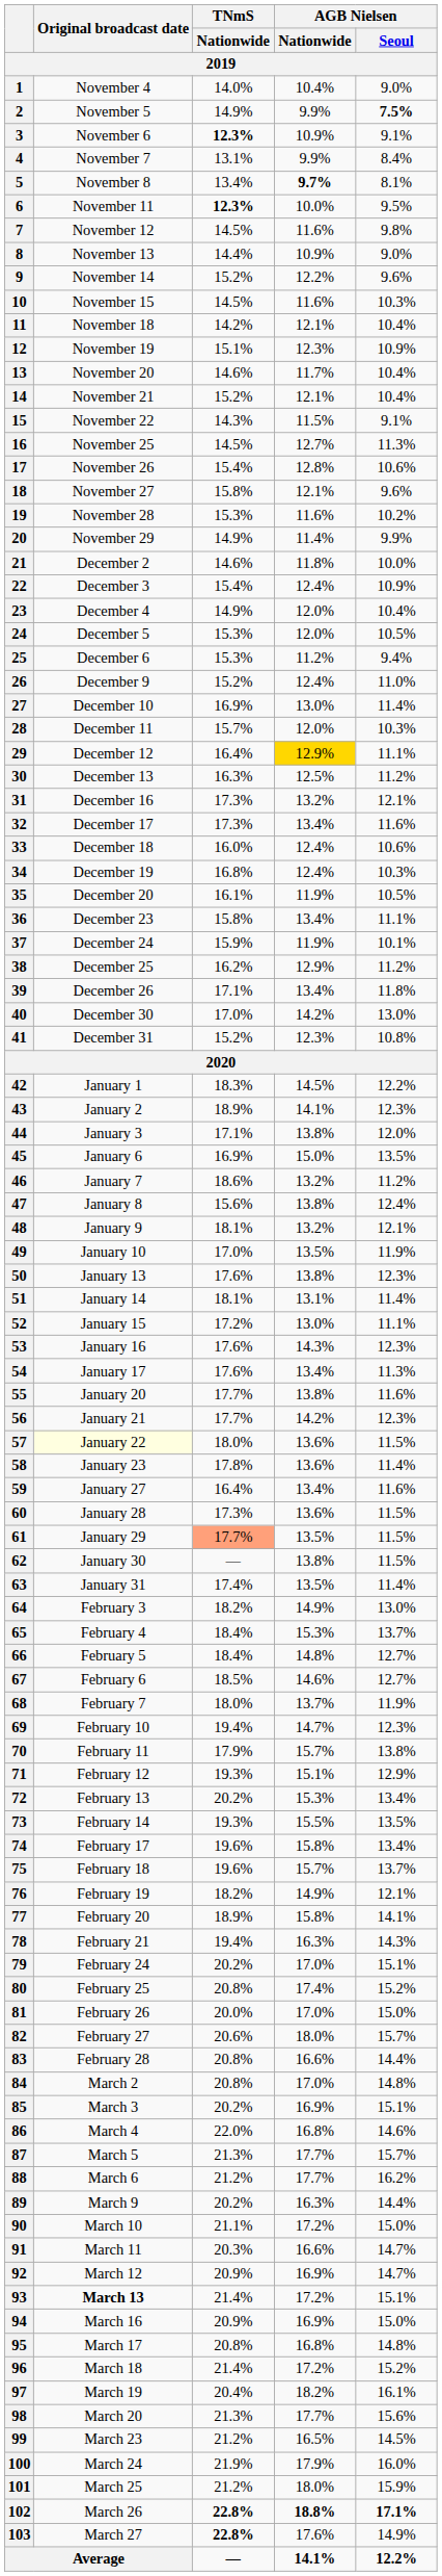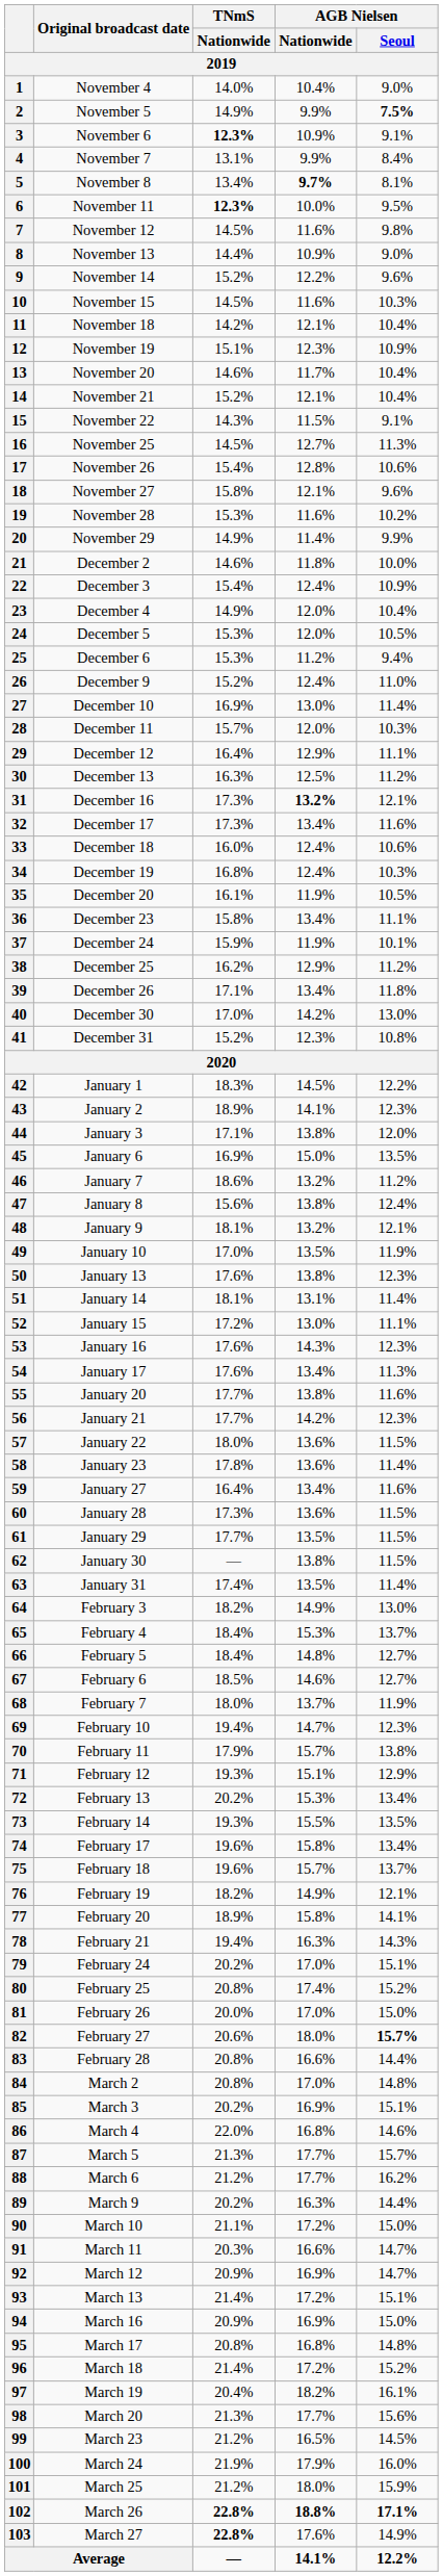 <table class="wikitable" style="text-align: center;">
 <tr>
 <th rowspan="2"></th>
 <th rowspan="2">Original broadcast date</th>
 <th>TNmS</th>
 <th colspan="2">AGB Nielsen</th>
 </tr>
 <tr>
 <th width="80">Nationwide</th>
 <th width="80">Nationwide</th>
 <th width="80"><a href='#'>Seoul</a></th>
 </tr>
 <tr>
 <th colspan="5">2019</th>
 </tr>
 <tr>
 <th>1</th>
 <td>November 4</td>
 <td>14.0%</td>
 <td>10.4%</td>
 <td>9.0%</td>
 </tr>
 <tr>
 <th>2</th>
 <td>November 5</td>
 <td>14.9%</td>
 <td>9.9%</td>
 <td><span><strong>7.5%</strong></span></td>
 </tr>
 <tr>
 <th>3</th>
 <td>November 6</td>
 <td><span><strong>12.3%</strong></span></td>
 <td>10.9%</td>
 <td>9.1%</td>
 </tr>
 <tr>
 <th>4</th>
 <td>November 7</td>
 <td>13.1%</td>
 <td>9.9%</td>
 <td>8.4%</td>
 </tr>
 <tr>
 <th>5</th>
 <td>November 8</td>
 <td>13.4%</td>
 <td><span><strong>9.7%</strong></span></td>
 <td>8.1%</td>
 </tr>
 <tr>
 <th>6</th>
 <td>November 11</td>
 <td><span><strong>12.3%</strong></span></td>
 <td>10.0%</td>
 <td>9.5%</td>
 </tr>
 <tr>
 <th>7</th>
 <td>November 12</td>
 <td>14.5%</td>
 <td>11.6%</td>
 <td>9.8%</td>
 </tr>
 <tr>
 <th>8</th>
 <td>November 13</td>
 <td>14.4%</td>
 <td>10.9%</td>
 <td>9.0%</td>
 </tr>
 <tr>
 <th>9</th>
 <td>November 14</td>
 <td>15.2%</td>
 <td>12.2%</td>
 <td>9.6%</td>
 </tr>
 <tr>
 <th>10</th>
 <td>November 15</td>
 <td>14.5%</td>
 <td>11.6%</td>
 <td>10.3%</td>
 </tr>
 <tr>
 <th>11</th>
 <td>November 18</td>
 <td>14.2%</td>
 <td>12.1%</td>
 <td>10.4%</td>
 </tr>
 <tr>
 <th>12</th>
 <td>November 19</td>
 <td>15.1%</td>
 <td>12.3%</td>
 <td>10.9%</td>
 </tr>
 <tr>
 <th>13</th>
 <td>November 20</td>
 <td>14.6%</td>
 <td>11.7%</td>
 <td>10.4%</td>
 </tr>
 <tr>
 <th>14</th>
 <td>November 21</td>
 <td>15.2%</td>
 <td>12.1%</td>
 <td>10.4%</td>
 </tr>
 <tr>
 <th>15</th>
 <td>November 22</td>
 <td>14.3%</td>
 <td>11.5%</td>
 <td>9.1%</td>
 </tr>
 <tr>
 <th>16</th>
 <td>November 25</td>
 <td>14.5%</td>
 <td>12.7%</td>
 <td>11.3%</td>
 </tr>
 <tr>
 <th>17</th>
 <td>November 26</td>
 <td>15.4%</td>
 <td>12.8%</td>
 <td>10.6%</td>
 </tr>
 <tr>
 <th>18</th>
 <td>November 27</td>
 <td>15.8%</td>
 <td>12.1%</td>
 <td>9.6%</td>
 </tr>
 <tr>
 <th>19</th>
 <td>November 28</td>
 <td>15.3%</td>
 <td>11.6%</td>
 <td>10.2%</td>
 </tr>
 <tr>
 <th>20</th>
 <td>November 29</td>
 <td>14.9%</td>
 <td>11.4%</td>
 <td>9.9%</td>
 </tr>
 <tr>
 <th>21</th>
 <td>December 2</td>
 <td>14.6%</td>
 <td>11.8%</td>
 <td>10.0%</td>
 </tr>
 <tr>
 <th>22</th>
 <td>December 3</td>
 <td>15.4%</td>
 <td>12.4%</td>
 <td>10.9%</td>
 </tr>
 <tr>
 <th>23</th>
 <td>December 4</td>
 <td>14.9%</td>
 <td>12.0%</td>
 <td>10.4%</td>
 </tr>
 <tr>
 <th>24</th>
 <td>December 5</td>
 <td>15.3%</td>
 <td>12.0%</td>
 <td>10.5%</td>
 </tr>
 <tr>
 <th>25</th>
 <td>December 6</td>
 <td>15.3%</td>
 <td>11.2%</td>
 <td>9.4%</td>
 </tr>
 <tr>
 <th>26</th>
 <td>December 9</td>
 <td>15.2%</td>
 <td>12.4%</td>
 <td>11.0%</td>
 </tr>
 <tr>
 <th>27</th>
 <td>December 10</td>
 <td>16.9%</td>
 <td>13.0%</td>
 <td>11.4%</td>
 </tr>
 <tr>
 <th>28</th>
 <td>December 11</td>
 <td>15.7%</td>
 <td>12.0%</td>
 <td>10.3%</td>
 </tr>
 <tr>
 <th>29</th>
 <td>December 12</td>
 <td>16.4%</td>
-<td style="background: gold;">12.9%</td>
+<td>12.9%</td>
 <td>11.1%</td>
 </tr>
 <tr>
 <th>30</th>
 <td>December 13</td>
 <td>16.3%</td>
 <td>12.5%</td>
 <td>11.2%</td>
 </tr>
 <tr>
 <th>31</th>
 <td>December 16</td>
 <td>17.3%</td>
-<td>13.2%</td>
+<td><strong>13.2%</strong></td>
 <td>12.1%</td>
 </tr>
 <tr>
 <th>32</th>
 <td>December 17</td>
 <td>17.3%</td>
 <td>13.4%</td>
 <td>11.6%</td>
 </tr>
 <tr>
 <th>33</th>
 <td>December 18</td>
 <td>16.0%</td>
 <td>12.4%</td>
 <td>10.6%</td>
 </tr>
 <tr>
 <th>34</th>
 <td>December 19</td>
 <td>16.8%</td>
 <td>12.4%</td>
 <td>10.3%</td>
 </tr>
 <tr>
 <th>35</th>
 <td>December 20</td>
 <td>16.1%</td>
 <td>11.9%</td>
 <td>10.5%</td>
 </tr>
 <tr>
 <th>36</th>
 <td>December 23</td>
 <td>15.8%</td>
 <td>13.4%</td>
 <td>11.1%</td>
 </tr>
 <tr>
 <th>37</th>
 <td>December 24</td>
 <td>15.9%</td>
 <td>11.9%</td>
 <td>10.1%</td>
 </tr>
 <tr>
 <th>38</th>
 <td>December 25</td>
 <td>16.2%</td>
 <td>12.9%</td>
 <td>11.2%</td>
 </tr>
 <tr>
 <th>39</th>
 <td>December 26</td>
 <td>17.1%</td>
 <td>13.4%</td>
 <td>11.8%</td>
 </tr>
 <tr>
 <th>40</th>
 <td>December 30</td>
 <td>17.0%</td>
 <td>14.2%</td>
 <td>13.0%</td>
 </tr>
 <tr>
 <th>41</th>
 <td>December 31</td>
 <td>15.2%</td>
 <td>12.3%</td>
 <td>10.8%</td>
 </tr>
 <tr>
 <th colspan="5">2020</th>
 </tr>
 <tr>
 <th>42</th>
 <td>January 1</td>
 <td>18.3%</td>
 <td>14.5%</td>
 <td>12.2%</td>
 </tr>
 <tr>
 <th>43</th>
 <td>January 2</td>
 <td>18.9%</td>
 <td>14.1%</td>
 <td>12.3%</td>
 </tr>
 <tr>
 <th>44</th>
 <td>January 3</td>
 <td>17.1%</td>
 <td>13.8%</td>
 <td>12.0%</td>
 </tr>
 <tr>
 <th>45</th>
 <td>January 6</td>
 <td>16.9%</td>
 <td>15.0%</td>
 <td>13.5%</td>
 </tr>
 <tr>
 <th>46</th>
 <td>January 7</td>
 <td>18.6%</td>
 <td>13.2%</td>
 <td>11.2%</td>
 </tr>
 <tr>
 <th>47</th>
 <td>January 8</td>
 <td>15.6%</td>
 <td>13.8%</td>
 <td>12.4%</td>
 </tr>
 <tr>
 <th>48</th>
 <td>January 9</td>
 <td>18.1%</td>
 <td>13.2%</td>
 <td>12.1%</td>
 </tr>
 <tr>
 <th>49</th>
 <td>January 10</td>
 <td>17.0%</td>
 <td>13.5%</td>
 <td>11.9%</td>
 </tr>
 <tr>
 <th>50</th>
 <td>January 13</td>
 <td>17.6%</td>
 <td>13.8%</td>
 <td>12.3%</td>
 </tr>
 <tr>
 <th>51</th>
 <td>January 14</td>
 <td>18.1%</td>
 <td>13.1%</td>
 <td>11.4%</td>
 </tr>
 <tr>
 <th>52</th>
 <td>January 15</td>
 <td>17.2%</td>
 <td>13.0%</td>
 <td>11.1%</td>
 </tr>
 <tr>
 <th>53</th>
 <td>January 16</td>
 <td>17.6%</td>
 <td>14.3%</td>
 <td>12.3%</td>
 </tr>
 <tr>
 <th>54</th>
 <td>January 17</td>
 <td>17.6%</td>
 <td>13.4%</td>
 <td>11.3%</td>
 </tr>
 <tr>
 <th>55</th>
 <td>January 20</td>
 <td>17.7%</td>
 <td>13.8%</td>
 <td>11.6%</td>
 </tr>
 <tr>
 <th>56</th>
 <td>January 21</td>
 <td>17.7%</td>
 <td>14.2%</td>
 <td>12.3%</td>
 </tr>
 <tr>
 <th>57</th>
-<td style="background: lightyellow;">January 22</td>
+<td>January 22</td>
 <td>18.0%</td>
 <td>13.6%</td>
 <td>11.5%</td>
 </tr>
 <tr>
 <th>58</th>
 <td>January 23</td>
 <td>17.8%</td>
 <td>13.6%</td>
 <td>11.4%</td>
 </tr>
 <tr>
 <th>59</th>
 <td>January 27</td>
 <td>16.4%</td>
 <td>13.4%</td>
 <td>11.6%</td>
 </tr>
 <tr>
 <th>60</th>
 <td>January 28</td>
 <td>17.3%</td>
 <td>13.6%</td>
 <td>11.5%</td>
 </tr>
 <tr>
 <th>61</th>
 <td>January 29</td>
-<td style="background: lightsalmon;">17.7%</td>
+<td>17.7%</td>
 <td>13.5%</td>
 <td>11.5%</td>
 </tr>
 <tr>
 <th>62</th>
 <td>January 30</td>
 <td>—</td>
 <td>13.8%</td>
 <td>11.5%</td>
 </tr>
 <tr>
 <th>63</th>
 <td>January 31</td>
 <td>17.4%</td>
 <td>13.5%</td>
 <td>11.4%</td>
 </tr>
 <tr>
 <th>64</th>
 <td>February 3</td>
 <td>18.2%</td>
 <td>14.9%</td>
 <td>13.0%</td>
 </tr>
 <tr>
 <th>65</th>
 <td>February 4</td>
 <td>18.4%</td>
 <td>15.3%</td>
 <td>13.7%</td>
 </tr>
 <tr>
 <th>66</th>
 <td>February 5</td>
 <td>18.4%</td>
 <td>14.8%</td>
 <td>12.7%</td>
 </tr>
 <tr>
 <th>67</th>
 <td>February 6</td>
 <td>18.5%</td>
 <td>14.6%</td>
 <td>12.7%</td>
 </tr>
 <tr>
 <th>68</th>
 <td>February 7</td>
 <td>18.0%</td>
 <td>13.7%</td>
 <td>11.9%</td>
 </tr>
 <tr>
 <th>69</th>
 <td>February 10</td>
 <td>19.4%</td>
 <td>14.7%</td>
 <td>12.3%</td>
 </tr>
 <tr>
 <th>70</th>
 <td>February 11</td>
 <td>17.9%</td>
 <td>15.7%</td>
 <td>13.8%</td>
 </tr>
 <tr>
 <th>71</th>
 <td>February 12</td>
 <td>19.3%</td>
 <td>15.1%</td>
 <td>12.9%</td>
 </tr>
 <tr>
 <th>72</th>
 <td>February 13</td>
 <td>20.2%</td>
 <td>15.3%</td>
 <td>13.4%</td>
 </tr>
 <tr>
 <th>73</th>
 <td>February 14</td>
 <td>19.3%</td>
 <td>15.5%</td>
 <td>13.5%</td>
 </tr>
 <tr>
 <th>74</th>
 <td>February 17</td>
 <td>19.6%</td>
 <td>15.8%</td>
 <td>13.4%</td>
 </tr>
 <tr>
 <th>75</th>
 <td>February 18</td>
 <td>19.6%</td>
 <td>15.7%</td>
 <td>13.7%</td>
 </tr>
 <tr>
 <th>76</th>
 <td>February 19</td>
 <td>18.2%</td>
 <td>14.9%</td>
 <td>12.1%</td>
 </tr>
 <tr>
 <th>77</th>
 <td>February 20</td>
 <td>18.9%</td>
 <td>15.8%</td>
 <td>14.1%</td>
 </tr>
 <tr>
 <th>78</th>
 <td>February 21</td>
 <td>19.4%</td>
 <td>16.3%</td>
 <td>14.3%</td>
 </tr>
 <tr>
 <th>79</th>
 <td>February 24</td>
 <td>20.2%</td>
 <td>17.0%</td>
 <td>15.1%</td>
 </tr>
 <tr>
 <th>80</th>
 <td>February 25</td>
 <td>20.8%</td>
 <td>17.4%</td>
 <td>15.2%</td>
 </tr>
 <tr>
 <th>81</th>
 <td>February 26</td>
 <td>20.0%</td>
 <td>17.0%</td>
 <td>15.0%</td>
 </tr>
 <tr>
 <th>82</th>
 <td>February 27</td>
 <td>20.6%</td>
 <td>18.0%</td>
-<td>15.7%</td>
+<td><strong>15.7%</strong></td>
 </tr>
 <tr>
 <th>83</th>
 <td>February 28</td>
 <td>20.8%</td>
 <td>16.6%</td>
 <td>14.4%</td>
 </tr>
 <tr>
 <th>84</th>
 <td>March 2</td>
 <td>20.8%</td>
 <td>17.0%</td>
 <td>14.8%</td>
 </tr>
 <tr>
 <th>85</th>
 <td>March 3</td>
 <td>20.2%</td>
 <td>16.9%</td>
 <td>15.1%</td>
 </tr>
 <tr>
 <th>86</th>
 <td>March 4</td>
 <td>22.0%</td>
 <td>16.8%</td>
 <td>14.6%</td>
 </tr>
 <tr>
 <th>87</th>
 <td>March 5</td>
 <td>21.3%</td>
 <td>17.7%</td>
 <td>15.7%</td>
 </tr>
 <tr>
 <th>88</th>
 <td>March 6</td>
 <td>21.2%</td>
 <td>17.7%</td>
 <td>16.2%</td>
 </tr>
 <tr>
 <th>89</th>
 <td>March 9</td>
 <td>20.2%</td>
 <td>16.3%</td>
 <td>14.4%</td>
 </tr>
 <tr>
 <th>90</th>
 <td>March 10</td>
 <td>21.1%</td>
 <td>17.2%</td>
 <td>15.0%</td>
 </tr>
 <tr>
 <th>91</th>
 <td>March 11</td>
 <td>20.3%</td>
 <td>16.6%</td>
 <td>14.7%</td>
 </tr>
 <tr>
 <th>92</th>
 <td>March 12</td>
 <td>20.9%</td>
 <td>16.9%</td>
 <td>14.7%</td>
 </tr>
 <tr>
 <th>93</th>
-<td><strong>March 13</strong></td>
+<td>March 13</td>
 <td>21.4%</td>
 <td>17.2%</td>
 <td>15.1%</td>
 </tr>
 <tr>
 <th>94</th>
 <td>March 16</td>
 <td>20.9%</td>
 <td>16.9%</td>
 <td>15.0%</td>
 </tr>
 <tr>
 <th>95</th>
 <td>March 17</td>
 <td>20.8%</td>
 <td>16.8%</td>
 <td>14.8%</td>
 </tr>
 <tr>
 <th>96</th>
 <td>March 18</td>
 <td>21.4%</td>
 <td>17.2%</td>
 <td>15.2%</td>
 </tr>
 <tr>
 <th>97</th>
 <td>March 19</td>
 <td>20.4%</td>
 <td>18.2%</td>
 <td>16.1%</td>
 </tr>
 <tr>
 <th>98</th>
 <td>March 20</td>
 <td>21.3%</td>
 <td>17.7%</td>
 <td>15.6%</td>
 </tr>
 <tr>
 <th>99</th>
 <td>March 23</td>
 <td>21.2%</td>
 <td>16.5%</td>
 <td>14.5%</td>
 </tr>
 <tr>
 <th>100</th>
 <td>March 24</td>
 <td>21.9%</td>
 <td>17.9%</td>
 <td>16.0%</td>
 </tr>
 <tr>
 <th>101</th>
 <td>March 25</td>
 <td>21.2%</td>
 <td>18.0%</td>
 <td>15.9%</td>
 </tr>
 <tr>
 <th>102</th>
 <td>March 26</td>
 <td><span><strong>22.8%</strong></span></td>
 <td><span><strong>18.8%</strong></span></td>
 <td><span><strong>17.1%</strong></span></td>
 </tr>
 <tr>
 <th>103</th>
 <td>March 27</td>
 <td><span><strong>22.8%</strong></span></td>
 <td>17.6%</td>
 <td>14.9%</td>
 </tr>
 <tr>
 <th colspan="2">Average</th>
 <td><span><strong>—</strong></span></td>
 <td><span><strong>14.1%</strong></span></td>
 <td><span><strong>12.2%</strong></span></td>
 </tr>
 </table>
